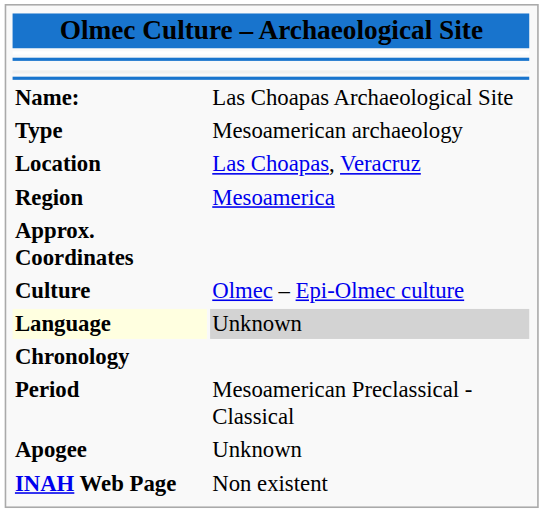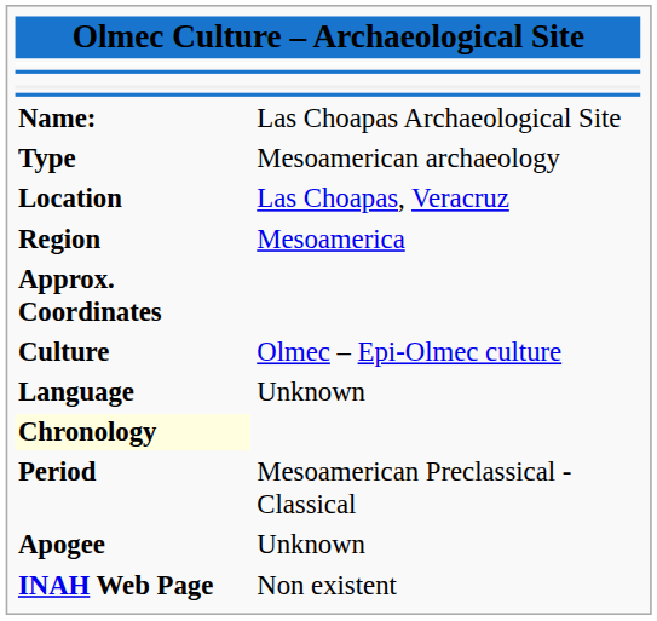 <table class="infobox" style="font-size:90%; text-align:left; width:23.5em">
 <tr>
 <td colspan="3" bgcolor=#1874CD style="text-align: center; font-size: larger;"><span><strong> Olmec Culture – Archaeological Site</strong></span></td>
 </tr>
 <tr style="vertical-align: top; text-align: center;">
 <td colspan=3 bgcolor="#FFFFFF" align="center"></td>
 </tr>
 <tr>
 <td colspan="2" bgcolor=#1874CD></td>
 </tr>
 <tr>
 <td colspan=2></td>
 </tr>
 <tr>
 <td style="background:#efefef;"align="center" colspan="2"></td>
 </tr>
 <tr>
 <td colspan="2" bgcolor=#1874CD></td>
 </tr>
 <tr>
 <td><strong>Name:</strong></td>
 <td><span> Las Choapas Archaeological Site</span></td>
 </tr>
 <tr>
 <td><strong>Type</strong></td>
 <td>Mesoamerican archaeology</td>
 </tr>
 <tr>
 <td><strong>Location</strong></td>
 <td><a href='#'>Las Choapas</a>, <a href='#'>Veracruz</a> <br></td>
 </tr>
 <tr>
 <td><strong>Region</strong></td>
 <td><a href='#'>Mesoamerica</a></td>
 </tr>
 <tr>
 <td><strong>Approx. Coordinates</strong></td>
 <td></td>
 </tr>
 <tr>
 <td><strong>Culture</strong></td>
 <td><a href='#'>Olmec</a> – <a href='#'>Epi-Olmec culture</a></td>
 </tr>
 <tr>
-<td style="background: lightyellow;"><strong>Language</strong></td>
-<td style="background: lightgrey;">Unknown</td>
+<td><strong>Language</strong></td>
+<td>Unknown</td>
 </tr>
 <tr>
-<td><strong>Chronology</strong></td>
+<td style="background: lightyellow;"><strong>Chronology</strong></td>
 <td></td>
 </tr>
 <tr>
 <td><strong>Period</strong></td>
 <td>Mesoamerican Preclassical - Classical</td>
 </tr>
 <tr>
 <td><strong>Apogee</strong></td>
 <td>Unknown</td>
 </tr>
 <tr>
 <td><strong><a href='#'>INAH</a> Web Page</strong></td>
 <td>Non existent</td>
 </tr>
 </table>
